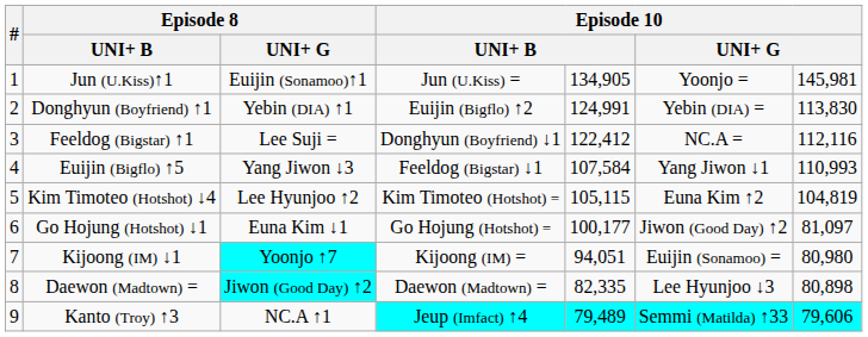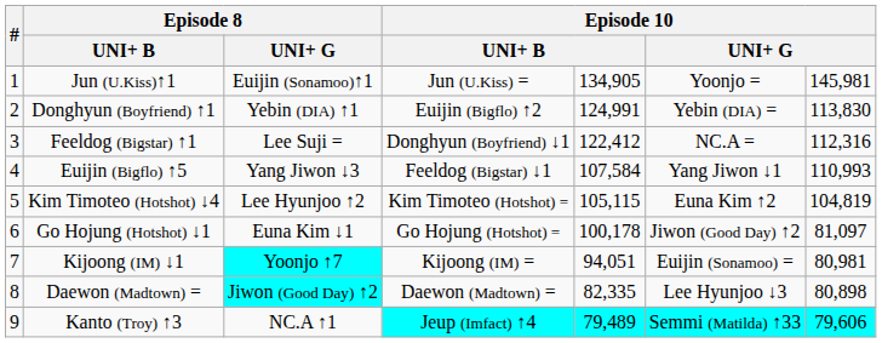 <table class="wikitable sortable" style="text-align:center;">
 <tr>
 <th rowspan="2">#</th>
 <th colspan="2">Episode 8</th>
 <th colspan="4">Episode 10</th>
 </tr>
 <tr>
 <th>UNI+ B</th>
 <th>UNI+ G</th>
 <th colspan="2">UNI+ B</th>
 <th colspan="2">UNI+ G</th>
 </tr>
 <tr>
 <td>1</td>
 <td>Jun <small>(U.Kiss)</small>↑1</td>
 <td>Euijin <small>(Sonamoo)</small>↑1</td>
 <td>Jun <small>(U.Kiss)</small> =</td>
 <td>134,905</td>
 <td>Yoonjo =</td>
 <td>145,981</td>
 </tr>
 <tr>
 <td>2</td>
 <td>Donghyun <small>(Boyfriend)</small> ↑1</td>
 <td>Yebin <small>(DIA)</small> ↑1</td>
 <td>Euijin <small>(Bigflo)</small> ↑2</td>
 <td>124,991</td>
 <td>Yebin <small>(DIA)</small> =</td>
 <td>113,830</td>
 </tr>
 <tr>
 <td>3</td>
 <td>Feeldog <small>(Bigstar)</small> ↑1</td>
 <td>Lee Suji =</td>
 <td>Donghyun <small>(Boyfriend)</small> ↓1</td>
 <td>122,412</td>
 <td>NC.A =</td>
-<td>112,116</td>
+<td>112,316</td>
 </tr>
 <tr>
 <td>4</td>
 <td>Euijin <small>(Bigflo)</small> ↑5</td>
 <td>Yang Jiwon ↓3</td>
 <td>Feeldog <small>(Bigstar)</small> ↓1</td>
 <td>107,584</td>
 <td>Yang Jiwon ↓1</td>
 <td>110,993</td>
 </tr>
 <tr>
 <td>5</td>
 <td>Kim Timoteo <small>(Hotshot)</small> ↓4</td>
 <td>Lee Hyunjoo ↑2</td>
 <td>Kim Timoteo <small>(Hotshot) =</small></td>
 <td>105,115</td>
 <td>Euna Kim ↑2</td>
 <td>104,819</td>
 </tr>
 <tr>
 <td>6</td>
 <td>Go Hojung <small>(Hotshot)</small> ↓1</td>
 <td>Euna Kim ↓1</td>
 <td>Go Hojung <small>(Hotshot) =</small></td>
-<td>100,177</td>
+<td>100,178</td>
 <td>Jiwon <small>(Good Day)</small> ↑2</td>
 <td>81,097</td>
 </tr>
 <tr>
 <td>7</td>
 <td>Kijoong <small>(IM)</small> ↓1</td>
 <td style="background:aqua">Yoonjo ↑7</td>
 <td>Kijoong <small>(IM)</small> =</td>
 <td>94,051</td>
 <td>Euijin <small>(Sonamoo)</small> =</td>
-<td>80,980</td>
+<td>80,981</td>
 </tr>
 <tr>
 <td>8</td>
 <td>Daewon <small>(Madtown)</small> =</td>
 <td style="background:aqua">Jiwon <small>(Good Day)</small> ↑2</td>
 <td>Daewon <small>(Madtown)</small> =</td>
 <td>82,335</td>
 <td>Lee Hyunjoo ↓3</td>
 <td>80,898</td>
 </tr>
 <tr>
 <td>9</td>
 <td>Kanto <small>(Troy)</small> ↑3</td>
 <td>NC.A ↑1</td>
 <td style="background:aqua">Jeup <small>(Imfact)</small> ↑4</td>
 <td style="background:aqua">79,489</td>
 <td style="background:aqua">Semmi <small>(Matilda)</small> ↑33</td>
 <td style="background:aqua">79,606</td>
 </tr>
 </table>
